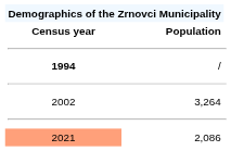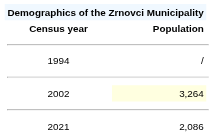 <table class="toccolours" align="center" cellpadding="4" cellspacing="0" style="margin:0 0 1em 1em; font-size: 95%;">
 <tr>
 <th colspan=2 bgcolor="#F0F8FF" align="center">Demographics of the Zrnovci Municipality</th>
 <th></th>
 </tr>
 <tr>
 <th align="center">Census year</th>
 <th align="right">Population</th>
 </tr>
 <tr>
 <td colspan=3><hr></td>
 </tr>
 <tr>
-<td align="center"><strong>1994</strong></td>
+<td align="center">1994</td>
 <td align="right">/</td>
 </tr>
 <tr>
 <td colspan=3><hr></td>
 </tr>
 <tr>
 <td align="center">2002</td>
-<td align="right">3,264</td>
+<td align="right" style="background: lightyellow;">3,264</td>
 </tr>
 <tr>
 <td colspan=3><hr></td>
 </tr>
 <tr>
-<td align="center" style="background: lightsalmon;">2021</td>
+<td align="center">2021</td>
 <td align="right">2,086</td>
 </tr>
 <tr>
 </tr>
 </table>
